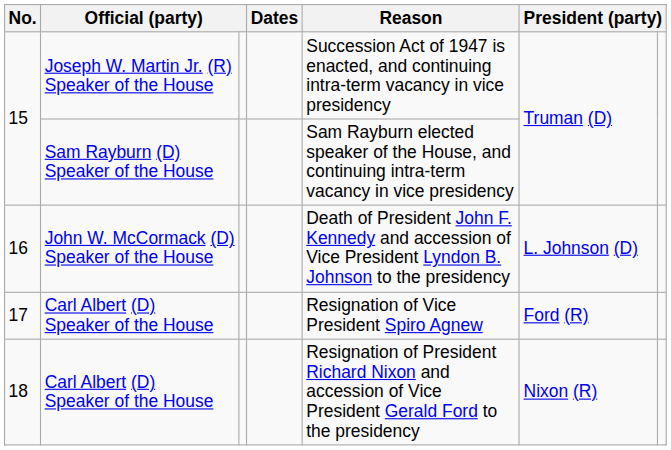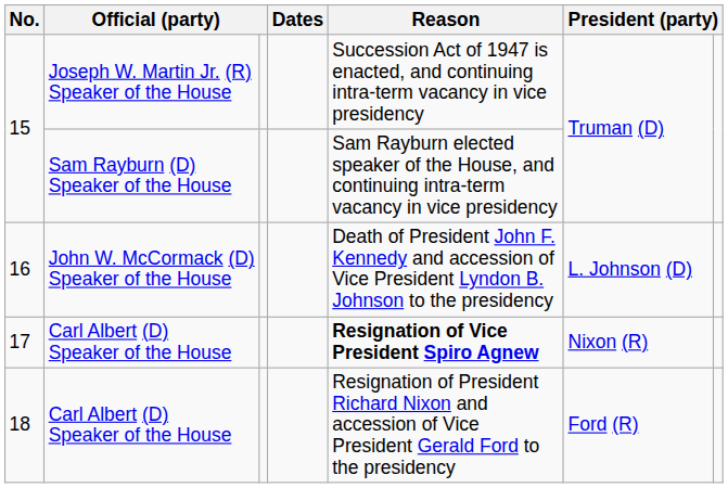 <table class=wikitable>
 <tr>
 <th><abbr>No.</abbr></th>
 <th colspan=2>Official (party)</th>
 <th>Dates</th>
 <th>Reason</th>
 <th colspan=2>President (party)</th>
 </tr>
 <tr>
 <td rowspan=2>15</td>
 <td nowrap><a href='#'>Joseph W. Martin Jr.</a> <a href='#'>(R)</a><br><a href='#'>Speaker of the House</a></td>
 <td style="background: "></td>
 <td nowrap></td>
 <td>Succession Act of 1947 is enacted, and continuing intra-term vacancy in vice presidency</td>
 <td rowspan=2><a href='#'>Truman</a> <a href='#'>(D)</a></td>
 <td rowspan=2 style="background: "></td>
 </tr>
 <tr>
 <td><a href='#'>Sam Rayburn</a> <a href='#'>(D)</a><br><a href='#'>Speaker of the House</a></td>
 <td style="background: "></td>
 <td nowrap></td>
 <td>Sam Rayburn elected speaker of the House, and continuing intra-term vacancy in vice presidency</td>
 </tr>
 <tr>
 <td>16</td>
 <td nowrap><a href='#'>John W. McCormack</a> <a href='#'>(D)</a><br><a href='#'>Speaker of the House</a></td>
 <td style="background: "></td>
 <td nowrap></td>
 <td>Death of President <a href='#'>John F. Kennedy</a> and accession of Vice President <a href='#'>Lyndon B. Johnson</a> to the presidency</td>
 <td nowrap><a href='#'>L. Johnson</a> <a href='#'>(D)</a></td>
 <td style="background: "></td>
 </tr>
 <tr>
 <td>17</td>
 <td><a href='#'>Carl Albert</a> <a href='#'>(D)</a><br><a href='#'>Speaker of the House</a></td>
 <td style="background: "></td>
 <td nowrap></td>
-<td>Resignation of Vice President <a href='#'>Spiro Agnew</a></td>
-<td><a href='#'>Ford</a> <a href='#'>(R)</a></td>
+<td><strong>Resignation of Vice President <a href='#'>Spiro Agnew</a></strong></td>
+<td><a href='#'>Nixon</a> <a href='#'>(R)</a></td>
 <td style="background: "></td>
 </tr>
 <tr>
 <td>18</td>
 <td><a href='#'>Carl Albert</a> <a href='#'>(D)</a><br><a href='#'>Speaker of the House</a></td>
 <td style="background: "></td>
 <td nowrap></td>
 <td>Resignation of President <a href='#'>Richard Nixon</a> and accession of Vice President <a href='#'>Gerald Ford</a> to the presidency</td>
-<td><a href='#'>Nixon</a> <a href='#'>(R)</a></td>
+<td><a href='#'>Ford</a> <a href='#'>(R)</a></td>
 <td style="background: "></td>
 </tr>
 </table>
